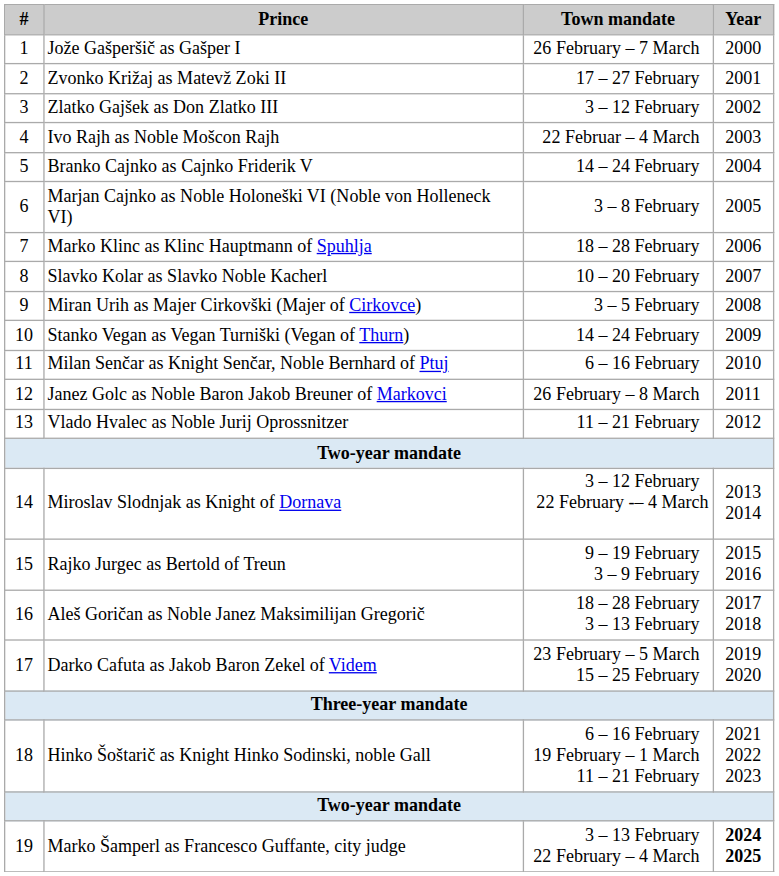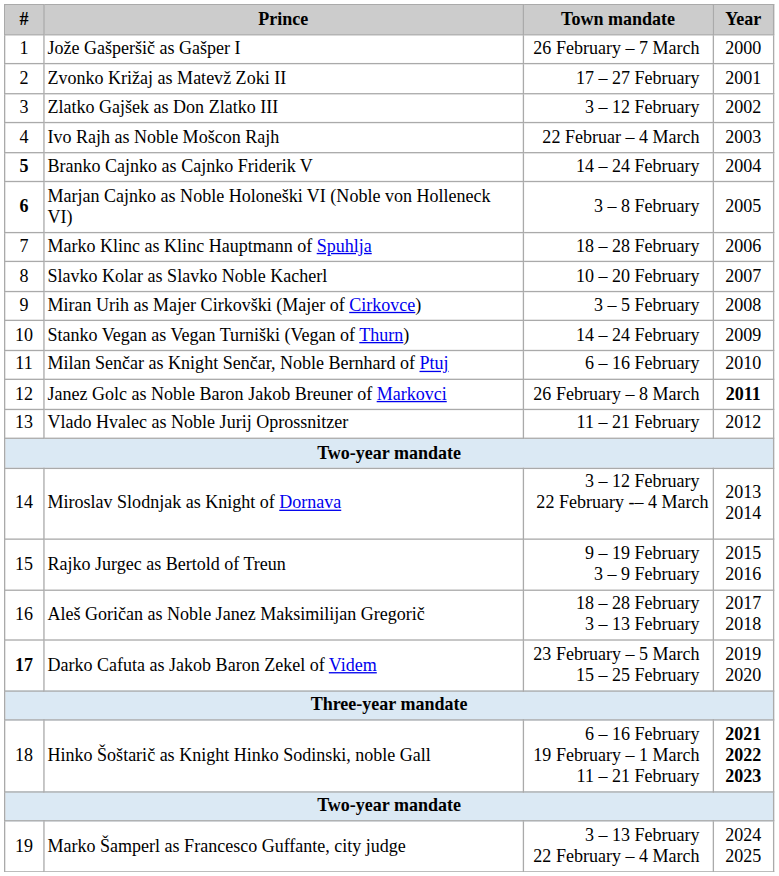 <table class="wikitable plainrowheaders" style="background:#fff; font-size:86%; line-height:16px; border:grey solid 1px; border-collapse:collapse;">
 <tr>
 <th scope="col" style="background:#ccc; width:23px;">#</th>
 <th scope="col" style="background:#ccc; width:360px;">Prince</th>
 <th scope="col" style="background:#ccc; width:138px;">Town mandate</th>
 <th scope="col" style="background:#ccc; width:40px;">Year</th>
 </tr>
 <tr>
 <td align=center>1</td>
 <td>Jože Gašperšič as Gašper I</td>
 <td align=right>26 February – 7 March  </td>
 <td align=center>2000</td>
 </tr>
 <tr>
 <td align=center>2</td>
 <td>Zvonko Križaj as Matevž Zoki II</td>
 <td align=right>17 – 27 February  </td>
 <td align=center>2001</td>
 </tr>
 <tr>
 <td align=center>3</td>
 <td>Zlatko Gajšek as Don Zlatko III</td>
 <td align=right>3 – 12 February  </td>
 <td align=center>2002</td>
 </tr>
 <tr>
 <td align=center>4</td>
 <td>Ivo Rajh as Noble Mošcon Rajh</td>
 <td align=right>22 Februar – 4 March  </td>
 <td align=center>2003</td>
 </tr>
 <tr>
-<td align=center>5</td>
+<td align=center><strong>5</strong></td>
 <td>Branko Cajnko as Cajnko Friderik V</td>
 <td align=right>14 – 24 February  </td>
 <td align=center>2004</td>
 </tr>
 <tr>
-<td align=center>6</td>
+<td align=center><strong>6</strong></td>
 <td>Marjan Cajnko as Noble Holoneški VI (Noble von Holleneck VI)</td>
 <td align=right>3 – 8 February  </td>
 <td align=center>2005</td>
 </tr>
 <tr>
 <td align=center>7</td>
 <td>Marko Klinc as Klinc Hauptmann of <a href='#'>Spuhlja</a></td>
 <td align=right>18 – 28 February  </td>
 <td align=center>2006</td>
 </tr>
 <tr>
 <td align=center>8</td>
 <td>Slavko Kolar as Slavko Noble Kacherl</td>
 <td align=right>10 – 20 February  </td>
 <td align=center>2007</td>
 </tr>
 <tr>
 <td align=center>9</td>
 <td>Miran Urih as Majer Cirkovški (Majer of <a href='#'>Cirkovce</a>)</td>
 <td align=right>3 – 5 February  </td>
 <td align=center>2008</td>
 </tr>
 <tr>
 <td align=center>10</td>
 <td>Stanko Vegan as Vegan Turniški (Vegan of <a href='#'>Thurn</a>)</td>
 <td align=right>14 – 24 February  </td>
 <td align=center>2009</td>
 </tr>
 <tr>
 <td align=center>11</td>
 <td>Milan Senčar as Knight Senčar, Noble Bernhard of <a href='#'>Ptuj</a></td>
 <td align=right>6 – 16 February  </td>
 <td align=center>2010</td>
 </tr>
 <tr>
 <td align=center>12</td>
 <td>Janez Golc as Noble Baron Jakob Breuner of <a href='#'>Markovci</a></td>
 <td align=right>26 February – 8 March  </td>
-<td align=center>2011</td>
+<td align=center><strong>2011</strong></td>
 </tr>
 <tr>
 <td align=center>13</td>
 <td>Vlado Hvalec  as Noble Jurij Oprossnitzer</td>
 <td align=right>11 – 21 February  </td>
 <td align=center>2012</td>
 </tr>
 <tr style="background: #DBE9F4;">
 <td colspan=4 align=center><strong>Two-year mandate</strong></td>
 </tr>
 <tr>
 <td align=center>14</td>
 <td>Miroslav Slodnjak as Knight of <a href='#'>Dornava</a></td>
 <td align=right>3 – 12 February  <br>22 February -– 4 March  </td>
 <td align=center>2013<br>2014</td>
 </tr>
 <tr>
 <td align=center>15</td>
 <td>Rajko Jurgec as Bertold of Treun</td>
 <td align=right>9 – 19 February  <br>3 – 9 February  </td>
 <td align=center>2015<br>2016</td>
 </tr>
 <tr>
 <td align=center>16</td>
 <td>Aleš Goričan as Noble Janez Maksimilijan Gregorič</td>
 <td align=right>18 – 28 February  <br>3 – 13 February  </td>
 <td align=center>2017<br>2018</td>
 </tr>
 <tr>
-<td align=center>17</td>
+<td align=center><strong>17</strong></td>
 <td>Darko Cafuta as Jakob Baron Zekel of <a href='#'>Videm</a></td>
 <td align=right>23 February – 5 March  <br>15 – 25 February  </td>
 <td align=center>2019<br>2020</td>
 </tr>
 <tr style="background: #DBE9F4;">
 <td colspan=4 align=center><strong>Three-year mandate</strong></td>
 </tr>
 <tr>
 <td align=center>18</td>
 <td>Hinko Šoštarič as Knight Hinko Sodinski, noble Gall</td>
 <td align=right>6 – 16 February  <br>19 February – 1 March  <br>11 – 21 February  </td>
-<td align=center>2021<br>2022<br>2023</td>
+<td align=center><strong>2021<br>2022<br>2023</strong></td>
 </tr>
 <tr style="background: #DBE9F4;">
 <td colspan=4 align=center><strong>Two-year mandate</strong></td>
 </tr>
 <tr>
 <td align=center>19</td>
 <td>Marko Šamperl as Francesco Guffante, city judge</td>
 <td align=right>3 – 13 February  <br>22 February – 4 March  </td>
-<td align=center><strong>2024<br>2025</strong></td>
+<td align=center>2024<br>2025</td>
 </tr>
 </table>
